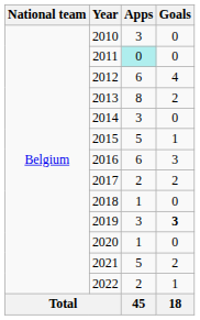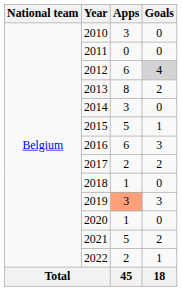 <table class="wikitable" style="text-align: center;">
 <tr>
 <th>National team</th>
 <th>Year</th>
 <th>Apps</th>
 <th>Goals</th>
 </tr>
 <tr>
 <td rowspan="13"><a href='#'>Belgium</a></td>
 <td>2010</td>
 <td>3</td>
 <td>0</td>
 </tr>
 <tr>
 <td>2011</td>
-<td style="background: paleturquoise;">0</td>
+<td>0</td>
 <td>0</td>
 </tr>
 <tr>
 <td>2012</td>
 <td>6</td>
-<td>4</td>
+<td style="background: lightgrey;">4</td>
 </tr>
 <tr>
 <td>2013</td>
 <td>8</td>
 <td>2</td>
 </tr>
 <tr>
 <td>2014</td>
 <td>3</td>
 <td>0</td>
 </tr>
 <tr>
 <td>2015</td>
 <td>5</td>
 <td>1</td>
 </tr>
 <tr>
 <td>2016</td>
 <td>6</td>
 <td>3</td>
 </tr>
 <tr>
 <td>2017</td>
 <td>2</td>
 <td>2</td>
 </tr>
 <tr>
 <td>2018</td>
 <td>1</td>
 <td>0</td>
 </tr>
 <tr>
 <td>2019</td>
+<td style="background: lightsalmon;">3</td>
 <td>3</td>
-<td><strong>3</strong></td>
 </tr>
 <tr>
 <td>2020</td>
 <td>1</td>
 <td>0</td>
 </tr>
 <tr>
 <td>2021</td>
 <td>5</td>
 <td>2</td>
 </tr>
 <tr>
 <td>2022</td>
 <td>2</td>
 <td>1</td>
 </tr>
 <tr>
 <th colspan="2">Total</th>
 <th>45</th>
 <th>18</th>
 </tr>
 </table>
